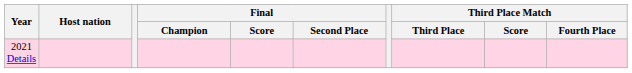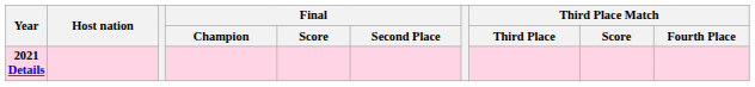 <table class="wikitable" style="font-size: 90%; text-align: center; width: 98%;">
 <tr>
 <th rowspan=2 width="5%">Year</th>
 <th rowspan=2 width="15%">Host nation</th>
 <th width="1%" rowspan=5></th>
 <th colspan=3>Final</th>
 <th width="1%" rowspan=5></th>
 <th colspan=3>Third Place Match</th>
 </tr>
 <tr>
 <th width="15%">Champion</th>
 <th width="10%">Score</th>
 <th width="15%">Second Place</th>
 <th width="15%">Third Place</th>
 <th width="10%">Score</th>
 <th width="15%">Fourth Place</th>
 </tr>
 <tr align="center" bgcolor="#ffd4e4">
-<td>2021<br><a href='#'>Details</a></td>
+<td><strong>2021<br><a href='#'>Details</a></strong></td>
 <td align=left></td>
 <td><strong></strong></td>
 <td></td>
 <td></td>
 <td></td>
 <td></td>
 <td></td>
 </tr>
 </table>
